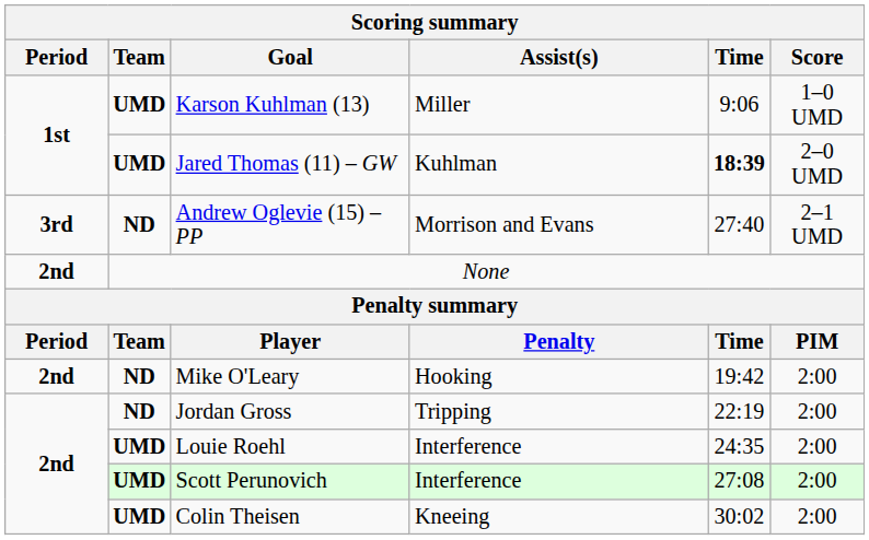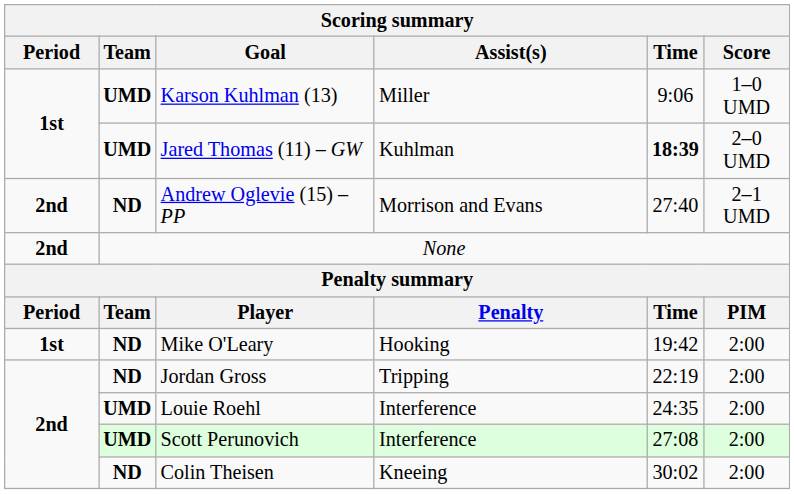 <table style="width:100%;" class="wikitable">
 <tr>
 <th colspan=6>Scoring summary</th>
 </tr>
 <tr>
 <th style="width:12%;">Period</th>
 <th style="width:7%;">Team</th>
 <th style="width:28%;">Goal</th>
 <th style="width:35%;">Assist(s)</th>
 <th style="width:7%;">Time</th>
 <th style="width:11%;">Score</th>
 </tr>
 <tr>
 <td style="text-align:center;" rowspan="2"><strong>1st</strong></td>
 <td align=center><strong>UMD</strong></td>
 <td><a href='#'>Karson Kuhlman</a> (13)</td>
 <td>Miller</td>
 <td align=center>9:06</td>
 <td align=center>1–0 UMD</td>
 </tr>
 <tr>
 <td align=center><strong>UMD</strong></td>
 <td><a href='#'>Jared Thomas</a> (11) – <em>GW</em></td>
 <td>Kuhlman</td>
 <td align=center><strong>18:39</strong></td>
 <td align=center>2–0 UMD</td>
 </tr>
 <tr>
-<td align=center><strong>3rd</strong></td>
+<td align=center><strong>2nd</strong></td>
 <td align=center><strong>ND</strong></td>
 <td><a href='#'>Andrew Oglevie</a> (15) – <em>PP</em></td>
 <td>Morrison and Evans</td>
 <td align=center>27:40</td>
 <td align=center>2–1 UMD</td>
 </tr>
 <tr>
 <td align=center><strong>2nd</strong></td>
 <td style="text-align:center;" colspan="5"><em>None</em></td>
 </tr>
 <tr>
 <th colspan=6>Penalty summary</th>
 </tr>
 <tr>
 <th style="width:12%;">Period</th>
 <th style="width:7%;">Team</th>
 <th style="width:28%;">Player</th>
 <th style="width:35%;"><a href='#'>Penalty</a></th>
 <th style="width:7%;">Time</th>
 <th style="width:11%;">PIM</th>
 </tr>
 <tr>
-<td align=center><strong>2nd</strong></td>
+<td style="text-align:center;" rowspan="1"><strong>1st</strong></td>
 <td align=center><strong>ND</strong></td>
 <td>Mike O'Leary</td>
 <td>Hooking</td>
 <td align=center>19:42</td>
 <td align=center>2:00</td>
 </tr>
 <tr>
 <td style="text-align:center;" rowspan="4"><strong>2nd</strong></td>
 <td align=center><strong>ND</strong></td>
 <td>Jordan Gross</td>
 <td>Tripping</td>
 <td align=center>22:19</td>
 <td align=center>2:00</td>
 </tr>
 <tr>
 <td align=center><strong>UMD</strong></td>
 <td>Louie Roehl</td>
 <td>Interference</td>
 <td align=center>24:35</td>
 <td align=center>2:00</td>
 </tr>
 <tr bgcolor=ddffdd>
 <td align=center><strong>UMD</strong></td>
 <td>Scott Perunovich</td>
 <td>Interference</td>
 <td align=center>27:08</td>
 <td align=center>2:00</td>
 </tr>
 <tr>
-<td align=center><strong>UMD</strong></td>
+<td align=center><strong>ND</strong></td>
 <td>Colin Theisen</td>
 <td>Kneeing</td>
 <td align=center>30:02</td>
 <td align=center>2:00</td>
 </tr>
 </table>
